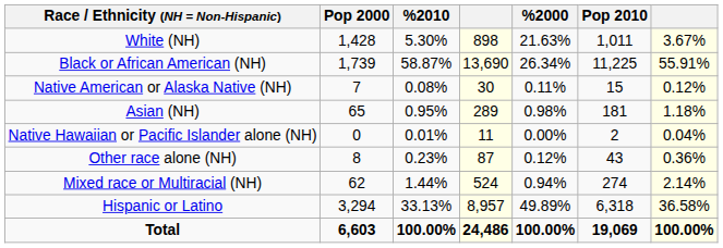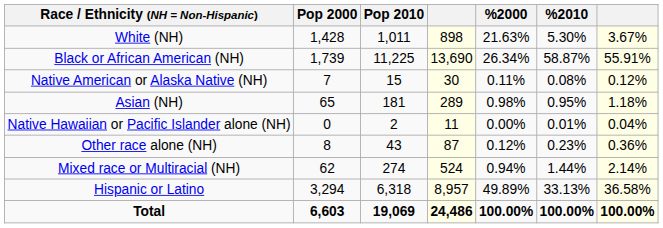 <table class="wikitable" style="text-align:center;">
 <tr>
 <th>Race / Ethnicity <small>(<em>NH = Non-Hispanic</em>)</small></th>
 <th>Pop 2000</th>
-<th>%2010</th>
+<th>Pop 2010</th>
 <th></th>
 <th>%2000</th>
-<th>Pop 2010</th>
+<th>%2010</th>
 <th></th>
 </tr>
 <tr>
 <td><a href='#'>White</a> (NH)</td>
 <td>1,428</td>
-<td>5.30%</td>
+<td>1,011</td>
 <td style='background: #ffffe6;'>898</td>
 <td>21.63%</td>
-<td>1,011</td>
+<td>5.30%</td>
 <td style='background: #ffffe6;'>3.67%</td>
 </tr>
 <tr>
 <td><a href='#'>Black or African American</a> (NH)</td>
 <td>1,739</td>
-<td>58.87%</td>
+<td>11,225</td>
 <td style='background: #ffffe6;'>13,690</td>
 <td>26.34%</td>
-<td>11,225</td>
+<td>58.87%</td>
 <td style='background: #ffffe6;'>55.91%</td>
 </tr>
 <tr>
 <td><a href='#'>Native American</a> or <a href='#'>Alaska Native</a> (NH)</td>
 <td>7</td>
-<td>0.08%</td>
+<td>15</td>
 <td style='background: #ffffe6;'>30</td>
 <td>0.11%</td>
-<td>15</td>
+<td>0.08%</td>
 <td style='background: #ffffe6;'>0.12%</td>
 </tr>
 <tr>
 <td><a href='#'>Asian</a> (NH)</td>
 <td>65</td>
-<td>0.95%</td>
+<td>181</td>
 <td style='background: #ffffe6;'>289</td>
 <td>0.98%</td>
-<td>181</td>
+<td>0.95%</td>
 <td style='background: #ffffe6;'>1.18%</td>
 </tr>
 <tr>
 <td><a href='#'>Native Hawaiian</a> or <a href='#'>Pacific Islander</a> alone (NH)</td>
 <td>0</td>
-<td>0.01%</td>
+<td>2</td>
 <td style='background: #ffffe6;'>11</td>
 <td>0.00%</td>
-<td>2</td>
+<td>0.01%</td>
 <td style='background: #ffffe6;'>0.04%</td>
 </tr>
 <tr>
 <td><a href='#'>Other race</a> alone (NH)</td>
 <td>8</td>
-<td>0.23%</td>
+<td>43</td>
 <td style='background: #ffffe6;'>87</td>
 <td>0.12%</td>
-<td>43</td>
+<td>0.23%</td>
 <td style='background: #ffffe6;'>0.36%</td>
 </tr>
 <tr>
 <td><a href='#'>Mixed race or Multiracial</a> (NH)</td>
 <td>62</td>
-<td>1.44%</td>
+<td>274</td>
 <td style='background: #ffffe6;'>524</td>
 <td>0.94%</td>
-<td>274</td>
+<td>1.44%</td>
 <td style='background: #ffffe6;'>2.14%</td>
 </tr>
 <tr>
 <td><a href='#'>Hispanic or Latino</a></td>
 <td>3,294</td>
-<td>33.13%</td>
+<td>6,318</td>
 <td style='background: #ffffe6;'>8,957</td>
 <td>49.89%</td>
-<td>6,318</td>
+<td>33.13%</td>
 <td style='background: #ffffe6;'>36.58%</td>
 </tr>
 <tr>
 <td><strong>Total</strong></td>
 <td><strong>6,603</strong></td>
-<td><strong>100.00%</strong></td>
+<td><strong>19,069</strong></td>
 <td style='background: #ffffe6;'><strong>24,486</strong></td>
 <td><strong>100.00%</strong></td>
-<td><strong>19,069</strong></td>
+<td><strong>100.00%</strong></td>
 <td style='background: #ffffe6;'><strong>100.00%</strong></td>
 </tr>
 </table>
